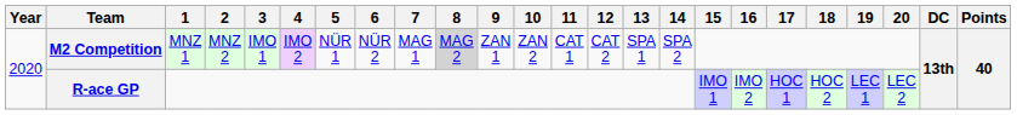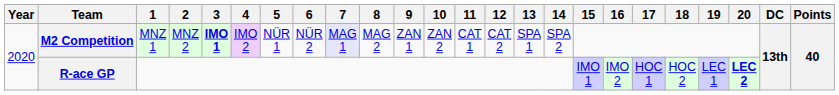 <table class="wikitable" style="text-align:center; font-size:85%">
 <tr>
 <th>Year</th>
 <th>Team</th>
 <th>1</th>
 <th>2</th>
 <th>3</th>
 <th>4</th>
 <th>5</th>
 <th>6</th>
 <th>7</th>
 <th>8</th>
 <th>9</th>
 <th>10</th>
 <th>11</th>
 <th>12</th>
 <th>13</th>
 <th>14</th>
 <th>15</th>
 <th>16</th>
 <th>17</th>
 <th>18</th>
 <th>19</th>
 <th>20</th>
 <th>DC</th>
 <th>Points</th>
 </tr>
 <tr>
 <td rowspan=2><a href='#'>2020</a></td>
 <th nowrap><a href='#'>M2 Competition</a></th>
 <td style="background:#DFFFDF;"><a href='#'>MNZ<br>1</a><br></td>
 <td style="background:#DFFFDF;"><a href='#'>MNZ<br>2</a><br></td>
-<td style="background:#DFFFDF;"><a href='#'>IMO<br>1</a><br></td>
+<td style="background:#DFFFDF;"><strong><a href='#'>IMO<br>1</a><br></strong></td>
 <td style="background:#EFCFFF;"><a href='#'>IMO<br>2</a><br></td>
 <td><a href='#'>NÜR<br>1</a><br></td>
 <td><a href='#'>NÜR<br>2</a><br></td>
-<td><a href='#'>MAG<br>1</a><br></td>
-<td style="background: lightgrey;"><a href='#'>MAG<br>2</a><br></td>
+<td style="background: lavender;"><a href='#'>MAG<br>1</a><br></td>
+<td><a href='#'>MAG<br>2</a><br></td>
 <td><a href='#'>ZAN<br>1</a><br></td>
 <td><a href='#'>ZAN<br>2</a><br></td>
 <td><a href='#'>CAT<br>1</a><br></td>
 <td><a href='#'>CAT<br>2</a><br></td>
 <td><a href='#'>SPA<br>1</a><br></td>
 <td><a href='#'>SPA<br>2</a><br></td>
 <td colspan=6></td>
 <th rowspan=2>13th</th>
 <th rowspan=2>40</th>
 </tr>
 <tr>
 <th nowrap><a href='#'>R-ace GP</a></th>
 <td colspan=14></td>
 <td style="background:#CFCFFF;"><a href='#'>IMO<br>1</a><br></td>
 <td style="background:#DFFFDF;"><a href='#'>IMO<br>2</a><br></td>
 <td style="background:#CFCFFF;"><a href='#'>HOC<br>1</a><br></td>
 <td style="background:#DFFFDF;"><a href='#'>HOC<br>2</a><br></td>
 <td style="background:#CFCFFF;"><a href='#'>LEC<br>1</a><br></td>
-<td style="background:#DFFFDF;"><a href='#'>LEC<br>2</a><br></td>
+<td style="background:#DFFFDF;"><strong><a href='#'>LEC<br>2</a><br></strong></td>
 </tr>
 </table>
